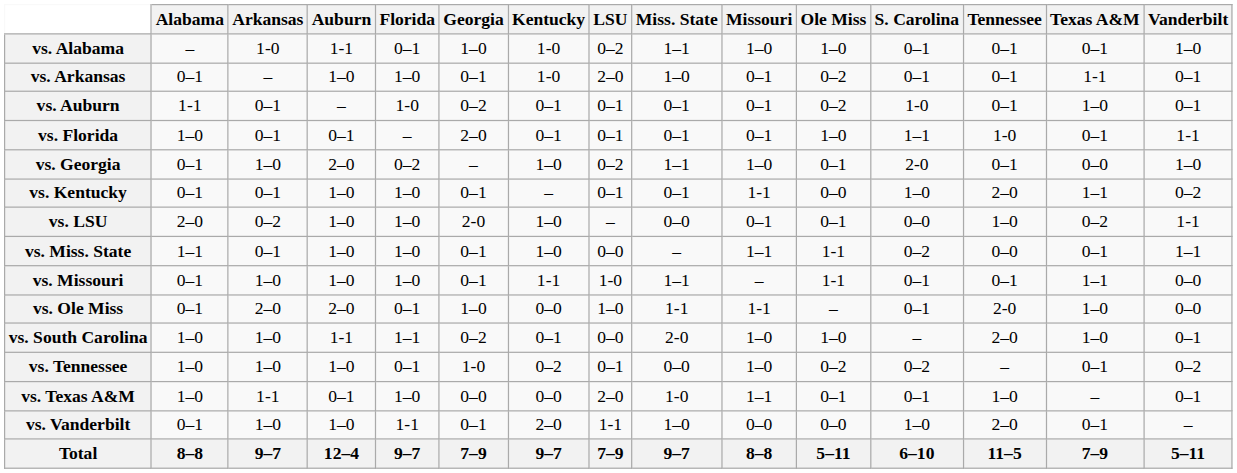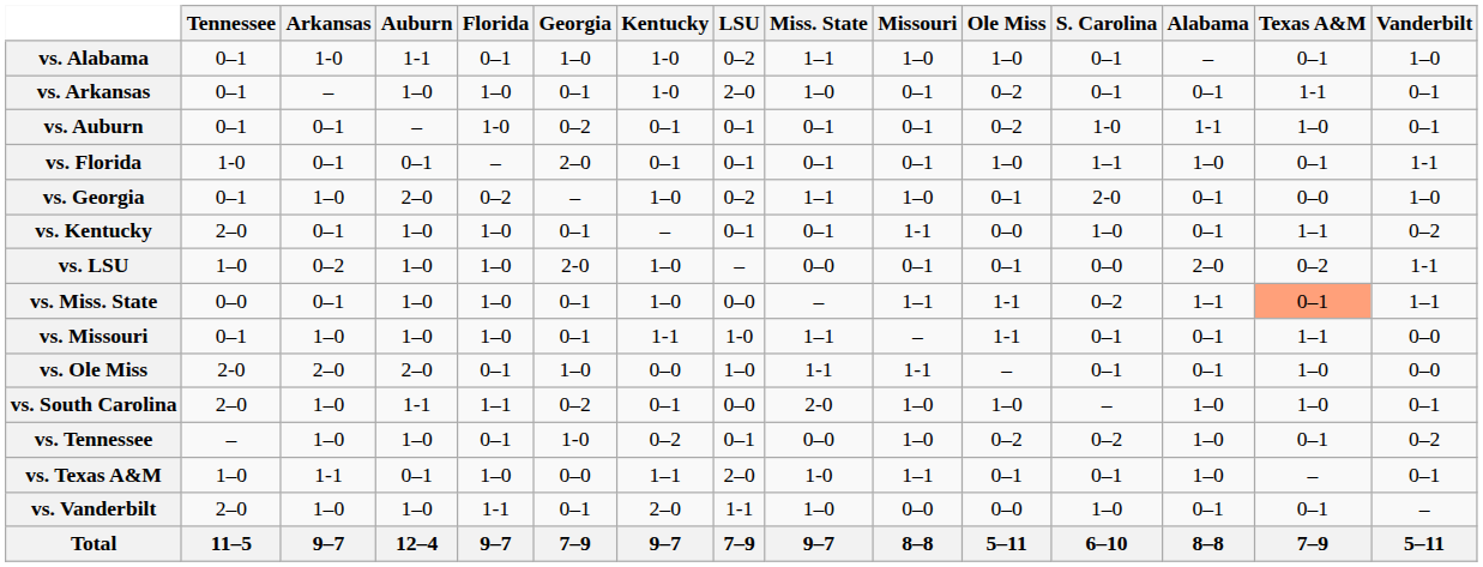 <table class="wikitable" style="white-space:nowrap; font-size:90%;">
 <tr>
 <td style="background:white; border-top-style:hidden; border-left-style:hidden;"></td>
-<th>Alabama</th>
+<th>Tennessee</th>
 <th>Arkansas</th>
 <th>Auburn</th>
 <th>Florida</th>
 <th>Georgia</th>
 <th>Kentucky</th>
 <th>LSU</th>
 <th>Miss. State</th>
 <th>Missouri</th>
 <th>Ole Miss</th>
 <th>S. Carolina</th>
-<th>Tennessee</th>
+<th>Alabama</th>
 <th>Texas A&M</th>
 <th>Vanderbilt</th>
 </tr>
 <tr style="text-align:center;">
 <th>vs. Alabama</th>
-<td>–</td>
+<td>0–1</td>
 <td>1-0</td>
 <td>1-1</td>
 <td>0–1</td>
 <td>1–0</td>
 <td>1-0</td>
 <td>0–2</td>
 <td>1–1</td>
 <td>1–0</td>
 <td>1–0</td>
 <td>0–1</td>
-<td>0–1</td>
+<td>–</td>
 <td>0–1</td>
 <td>1–0</td>
 </tr>
 <tr style="text-align:center;">
 <th>vs. Arkansas</th>
 <td>0–1</td>
 <td>–</td>
 <td>1–0</td>
 <td>1–0</td>
 <td>0–1</td>
 <td>1-0</td>
 <td>2–0</td>
 <td>1–0</td>
 <td>0–1</td>
 <td>0–2</td>
 <td>0–1</td>
 <td>0–1</td>
 <td>1-1</td>
 <td>0–1</td>
 </tr>
 <tr style="text-align:center;">
 <th>vs. Auburn</th>
-<td>1-1</td>
+<td>0–1</td>
 <td>0–1</td>
 <td>–</td>
 <td>1-0</td>
 <td>0–2</td>
 <td>0–1</td>
 <td>0–1</td>
 <td>0–1</td>
 <td>0–1</td>
 <td>0–2</td>
 <td>1-0</td>
-<td>0–1</td>
+<td>1-1</td>
 <td>1–0</td>
 <td>0–1</td>
 </tr>
 <tr style="text-align:center;">
 <th>vs. Florida</th>
-<td>1–0</td>
+<td>1-0</td>
 <td>0–1</td>
 <td>0–1</td>
 <td>–</td>
 <td>2–0</td>
 <td>0–1</td>
 <td>0–1</td>
 <td>0–1</td>
 <td>0–1</td>
 <td>1–0</td>
 <td>1–1</td>
-<td>1-0</td>
+<td>1–0</td>
 <td>0–1</td>
 <td>1-1</td>
 </tr>
 <tr style="text-align:center;">
 <th>vs. Georgia</th>
 <td>0–1</td>
 <td>1–0</td>
 <td>2–0</td>
 <td>0–2</td>
 <td>–</td>
 <td>1–0</td>
 <td>0–2</td>
 <td>1–1</td>
 <td>1–0</td>
 <td>0–1</td>
 <td>2-0</td>
 <td>0–1</td>
 <td>0–0</td>
 <td>1–0</td>
 </tr>
 <tr style="text-align:center;">
 <th>vs. Kentucky</th>
-<td>0–1</td>
+<td>2–0</td>
 <td>0–1</td>
 <td>1–0</td>
 <td>1–0</td>
 <td>0–1</td>
 <td>–</td>
 <td>0–1</td>
 <td>0–1</td>
 <td>1-1</td>
 <td>0–0</td>
 <td>1–0</td>
-<td>2–0</td>
+<td>0–1</td>
 <td>1–1</td>
 <td>0–2</td>
 </tr>
 <tr style="text-align:center;">
 <th>vs. LSU</th>
-<td>2–0</td>
+<td>1–0</td>
 <td>0–2</td>
 <td>1–0</td>
 <td>1–0</td>
 <td>2-0</td>
 <td>1–0</td>
 <td>–</td>
 <td>0–0</td>
 <td>0–1</td>
 <td>0–1</td>
 <td>0–0</td>
-<td>1–0</td>
+<td>2–0</td>
 <td>0–2</td>
 <td>1-1</td>
 </tr>
 <tr style="text-align:center;">
 <th>vs. Miss. State</th>
-<td>1–1</td>
+<td>0–0</td>
 <td>0–1</td>
 <td>1–0</td>
 <td>1–0</td>
 <td>0–1</td>
 <td>1–0</td>
 <td>0–0</td>
 <td>–</td>
 <td>1–1</td>
 <td>1-1</td>
 <td>0–2</td>
-<td>0–0</td>
-<td>0–1</td>
+<td>1–1</td>
+<td style="background: lightsalmon;">0–1</td>
 <td>1–1</td>
 </tr>
 <tr style="text-align:center;">
 <th>vs. Missouri</th>
 <td>0–1</td>
 <td>1–0</td>
 <td>1–0</td>
 <td>1–0</td>
 <td>0–1</td>
 <td>1-1</td>
 <td>1-0</td>
 <td>1–1</td>
 <td>–</td>
 <td>1-1</td>
 <td>0–1</td>
 <td>0–1</td>
 <td>1–1</td>
 <td>0–0</td>
 </tr>
 <tr style="text-align:center;">
 <th>vs. Ole Miss</th>
-<td>0–1</td>
+<td>2-0</td>
 <td>2–0</td>
 <td>2–0</td>
 <td>0–1</td>
 <td>1–0</td>
 <td>0–0</td>
 <td>1–0</td>
 <td>1-1</td>
 <td>1-1</td>
 <td>–</td>
 <td>0–1</td>
-<td>2-0</td>
+<td>0–1</td>
 <td>1–0</td>
 <td>0–0</td>
 </tr>
 <tr style="text-align:center;">
 <th>vs. South Carolina</th>
-<td>1–0</td>
+<td>2–0</td>
 <td>1–0</td>
 <td>1-1</td>
 <td>1–1</td>
 <td>0–2</td>
 <td>0–1</td>
 <td>0–0</td>
 <td>2-0</td>
 <td>1–0</td>
 <td>1–0</td>
 <td>–</td>
-<td>2–0</td>
+<td>1–0</td>
 <td>1–0</td>
 <td>0–1</td>
 </tr>
 <tr style="text-align:center;">
 <th>vs. Tennessee</th>
-<td>1–0</td>
+<td>–</td>
 <td>1–0</td>
 <td>1–0</td>
 <td>0–1</td>
 <td>1-0</td>
 <td>0–2</td>
 <td>0–1</td>
 <td>0–0</td>
 <td>1–0</td>
 <td>0–2</td>
 <td>0–2</td>
-<td>–</td>
+<td>1–0</td>
 <td>0–1</td>
 <td>0–2</td>
 </tr>
 <tr style="text-align:center;">
 <th>vs. Texas A&M</th>
 <td>1–0</td>
 <td>1-1</td>
 <td>0–1</td>
 <td>1–0</td>
 <td>0–0</td>
-<td>0–0</td>
+<td>1–1</td>
 <td>2–0</td>
 <td>1-0</td>
 <td>1–1</td>
 <td>0–1</td>
 <td>0–1</td>
 <td>1–0</td>
 <td>–</td>
 <td>0–1</td>
 </tr>
 <tr style="text-align:center;">
 <th>vs. Vanderbilt</th>
-<td>0–1</td>
+<td>2–0</td>
 <td>1–0</td>
 <td>1–0</td>
 <td>1-1</td>
 <td>0–1</td>
 <td>2–0</td>
 <td>1-1</td>
 <td>1–0</td>
 <td>0–0</td>
 <td>0–0</td>
 <td>1–0</td>
-<td>2–0</td>
+<td>0–1</td>
 <td>0–1</td>
 <td>–<br></td>
 </tr>
 <tr style="text-align:center;">
 <th>Total</th>
-<th>8–8</th>
+<th>11–5</th>
 <th>9–7</th>
 <th>12–4</th>
 <th>9–7</th>
 <th>7–9</th>
 <th>9–7</th>
 <th>7–9</th>
 <th>9–7</th>
 <th>8–8</th>
 <th>5–11</th>
 <th>6–10</th>
-<th>11–5</th>
+<th>8–8</th>
 <th>7–9</th>
 <th>5–11</th>
 </tr>
 </table>
